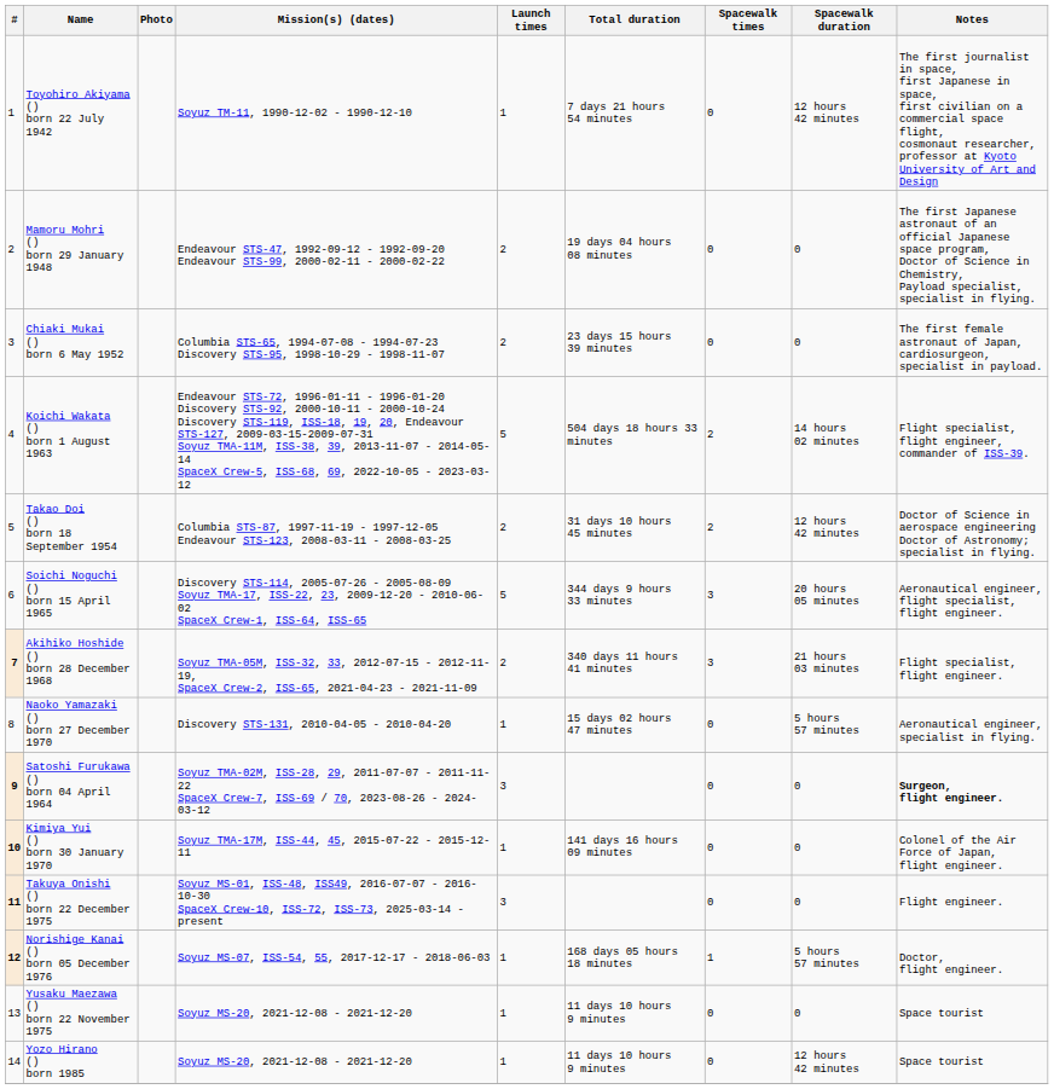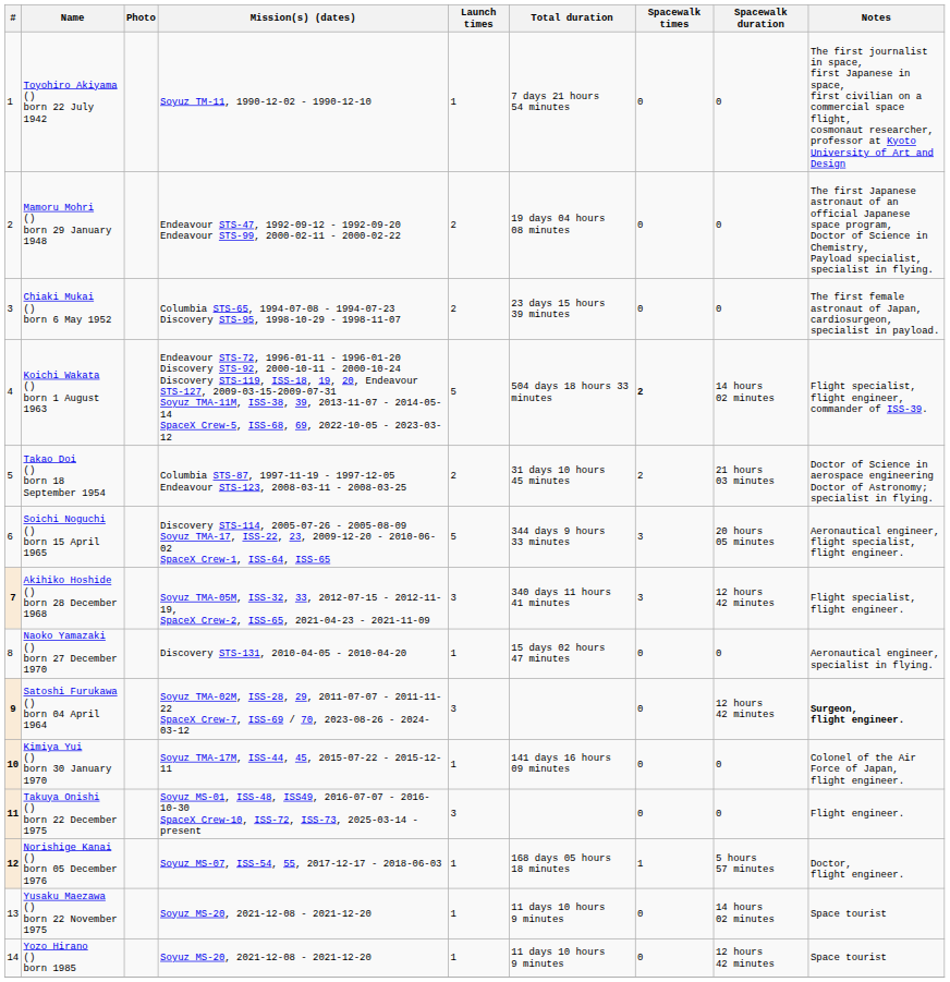 <table class="sortable wikitable" align="center">
 <tr>
 <th>#</th>
 <th>Name</th>
 <th>Photo</th>
 <th>Mission(s) (dates)</th>
 <th>Launch times</th>
 <th>Total duration</th>
 <th>Spacewalk times</th>
 <th>Spacewalk duration</th>
 <th style="width: 175px;">Notes</th>
 </tr>
 <tr>
 <td>1</td>
 <td><a href='#'>Toyohiro Akiyama</a><br>()<br>born 22 July 1942</td>
 <td></td>
 <td><a href='#'>Soyuz TM-11</a>, 1990-12-02 - 1990-12-10</td>
 <td>1</td>
 <td>7 days 21 hours 54 minutes</td>
 <td>0</td>
-<td>12 hours 42 minutes</td>
+<td>0</td>
 <td><br>The first journalist in space,<br>  first Japanese in space,<br> first civilian on a commercial space flight,<br> cosmonaut researcher,<br>  professor at <a href='#'>Kyoto University of Art and Design</a></td>
 </tr>
 <tr>
 <td>2</td>
 <td><a href='#'>Mamoru Mohri</a><br>()<br>born 29 January 1948</td>
 <td></td>
 <td><br>Endeavour <a href='#'>STS-47</a>, 1992-09-12 - 1992-09-20<br> Endeavour <a href='#'>STS-99</a>, 2000-02-11 - 2000-02-22</td>
 <td>2</td>
 <td>19 days 04 hours 08 minutes</td>
 <td>0</td>
 <td>0</td>
 <td><br>The first Japanese astronaut of an official Japanese space program,<br> Doctor of Science in Chemistry,<br> Payload specialist,<br> specialist in flying.</td>
 </tr>
 <tr>
 <td>3</td>
 <td><a href='#'>Chiaki Mukai</a><br>()<br>born 6 May 1952</td>
 <td></td>
 <td><br>Columbia <a href='#'>STS-65</a>, 1994-07-08 - 1994-07-23<br> Discovery <a href='#'>STS-95</a>, 1998-10-29 - 1998-11-07</td>
 <td>2</td>
 <td>23 days 15 hours 39 minutes</td>
 <td>0</td>
 <td>0</td>
 <td><br>The first female astronaut of Japan,<br> cardiosurgeon,<br> specialist in payload.</td>
 </tr>
 <tr>
 <td>4</td>
 <td><a href='#'>Koichi Wakata</a><br>()<br>born 1 August 1963</td>
 <td></td>
 <td><br>Endeavour <a href='#'>STS-72</a>, 1996-01-11 - 1996-01-20<br> Discovery <a href='#'>STS-92</a>, 2000-10-11 - 2000-10-24<br> Discovery <a href='#'>STS-119</a>, <a href='#'>ISS-18</a>, <a href='#'>19</a>, <a href='#'>20</a>, Endeavour <a href='#'>STS-127</a>, 2009-03-15-2009-07-31<br> <a href='#'>Soyuz TMA-11M</a>, <a href='#'>ISS-38</a>, <a href='#'>39</a>, 2013-11-07 - 2014-05-14<br> <a href='#'>SpaceX Crew-5</a>, <a href='#'>ISS-68</a>, <a href='#'>69</a>, 2022-10-05 - 2023-03-12</td>
 <td>5</td>
 <td>504 days 18 hours 33 minutes</td>
-<td>2</td>
+<td><strong>2</strong></td>
 <td>14 hours 02 minutes</td>
 <td><br>Flight specialist,<br> flight engineer,<br> commander of <a href='#'>ISS-39</a>.</td>
 </tr>
 <tr>
 <td>5</td>
 <td><a href='#'>Takao Doi</a><br>()<br>born 18 September 1954</td>
 <td></td>
 <td><br>Columbia <a href='#'>STS-87</a>, 1997-11-19 - 1997-12-05<br> Endeavour <a href='#'>STS-123</a>, 2008-03-11 - 2008-03-25</td>
 <td>2</td>
 <td>31 days 10 hours 45 minutes</td>
 <td>2</td>
-<td>12 hours 42 minutes</td>
+<td>21 hours 03 minutes</td>
 <td><br>Doctor of Science in<br> aerospace engineering<br> Doctor of Astronomy;<br> specialist in flying.</td>
 </tr>
 <tr>
 <td>6</td>
 <td><a href='#'>Soichi Noguchi</a><br>()<br>born 15 April 1965</td>
 <td></td>
 <td><br>Discovery <a href='#'>STS-114</a>, 2005-07-26 - 2005-08-09<br> <a href='#'>Soyuz TMA-17</a>, <a href='#'>ISS-22</a>, <a href='#'>23</a>, 2009-12-20 - 2010-06-02<br> <a href='#'>SpaceX Crew-1</a>, <a href='#'>ISS-64</a>, <a href='#'>ISS-65</a></td>
 <td>5</td>
 <td>344 days 9 hours 33 minutes</td>
 <td>3</td>
 <td>20 hours 05 minutes</td>
 <td><br>Aeronautical engineer,<br> flight specialist,<br> flight engineer.</td>
 </tr>
 <tr>
 <th style="background:#FAEBD7">7</th>
 <td><a href='#'>Akihiko Hoshide</a><br>()<br>born 28 December 1968</td>
 <td></td>
 <td><br><br> <a href='#'>Soyuz TMA-05M</a>, <a href='#'>ISS-32</a>, <a href='#'>33</a>, 2012-07-15 - 2012-11-19,<br><a href='#'>SpaceX Crew-2</a>, <a href='#'>ISS-65</a>, 2021-04-23 - 2021-11-09</td>
-<td>2</td>
+<td>3</td>
 <td>340 days 11 hours 41 minutes</td>
 <td>3</td>
-<td>21 hours 03 minutes</td>
+<td>12 hours 42 minutes</td>
 <td><br>Flight specialist,<br> flight engineer.</td>
 </tr>
 <tr>
 <td>8</td>
 <td><a href='#'>Naoko Yamazaki</a><br>()<br>born 27 December 1970</td>
 <td></td>
 <td>Discovery <a href='#'>STS-131</a>, 2010-04-05 - 2010-04-20</td>
 <td>1</td>
 <td>15 days 02 hours 47 minutes</td>
 <td>0</td>
-<td>5 hours 57 minutes</td>
+<td>0</td>
 <td><br>Aeronautical engineer,<br> specialist in flying.</td>
 </tr>
 <tr>
 <th style="background:#FAEBD7">9</th>
 <td><a href='#'>Satoshi Furukawa</a><br>()<br>born 04 April 1964</td>
 <td></td>
 <td><br><a href='#'>Soyuz TMA-02M</a>, <a href='#'>ISS-28</a>, <a href='#'>29</a>, 2011-07-07 - 2011-11-22<br> <a href='#'>SpaceX Crew-7</a>, <a href='#'>ISS-69</a> / <a href='#'>70</a>, 2023-08-26 - 2024-03-12</td>
 <td>3</td>
 <td></td>
 <td>0</td>
-<td>0</td>
+<td>12 hours 42 minutes</td>
 <td><strong><br>Surgeon,<br> flight engineer.</strong></td>
 </tr>
 <tr>
 <th style="background:#FAEBD7">10</th>
 <td><a href='#'>Kimiya Yui</a><br>()<br>born 30 January 1970</td>
 <td></td>
 <td><a href='#'>Soyuz TMA-17M</a>, <a href='#'>ISS-44</a>, <a href='#'>45</a>, 2015-07-22 - 2015-12-11</td>
 <td>1</td>
 <td>141 days 16 hours 09 minutes</td>
 <td>0</td>
 <td>0</td>
 <td><br>Colonel of the Air Force of Japan,<br> flight engineer.</td>
 </tr>
 <tr>
 <th style="background:#FAEBD7">11</th>
 <td><a href='#'>Takuya Onishi</a><br>()<br>born 22 December 1975</td>
 <td></td>
 <td><a href='#'>Soyuz MS-01</a>, <a href='#'>ISS-48</a>, <a href='#'>ISS49</a>, 2016-07-07 - 2016-10-30<br><a href='#'>SpaceX Crew-10</a>, <a href='#'>ISS-72</a>, <a href='#'>ISS-73</a>, 2025-03-14 - present</td>
 <td>3</td>
 <td></td>
 <td>0</td>
 <td>0</td>
 <td>Flight engineer.</td>
 </tr>
 <tr>
 <th style="background:#FAEBD7">12</th>
 <td><a href='#'>Norishige Kanai</a><br> ()<br>born 05 December 1976</td>
 <td></td>
 <td><a href='#'>Soyuz MS-07</a>, <a href='#'>ISS-54</a>, <a href='#'>55</a>, 2017-12-17 - 2018-06-03</td>
 <td>1</td>
 <td>168 days 05 hours 18 minutes</td>
 <td>1</td>
 <td>5 hours 57 minutes</td>
 <td><br>Doctor,<br> flight engineer.</td>
 </tr>
 <tr>
 <td>13</td>
 <td><a href='#'>Yusaku Maezawa</a><br>()<br>born 22 November 1975</td>
 <td></td>
 <td><a href='#'>Soyuz MS-20</a>, 2021-12-08 - 2021-12-20</td>
 <td>1</td>
 <td>11 days 10 hours 9 minutes</td>
 <td>0</td>
-<td>0</td>
+<td>14 hours 02 minutes</td>
 <td>Space tourist</td>
 </tr>
 <tr>
 <td>14</td>
 <td><a href='#'>Yozo Hirano</a><br>()<br>born 1985</td>
 <td></td>
 <td><a href='#'>Soyuz MS-20</a>, 2021-12-08 - 2021-12-20</td>
 <td>1</td>
 <td>11 days 10 hours 9 minutes</td>
 <td>0</td>
 <td>12 hours 42 minutes</td>
 <td>Space tourist</td>
 </tr>
 <tr>
 </tr>
 </table>
